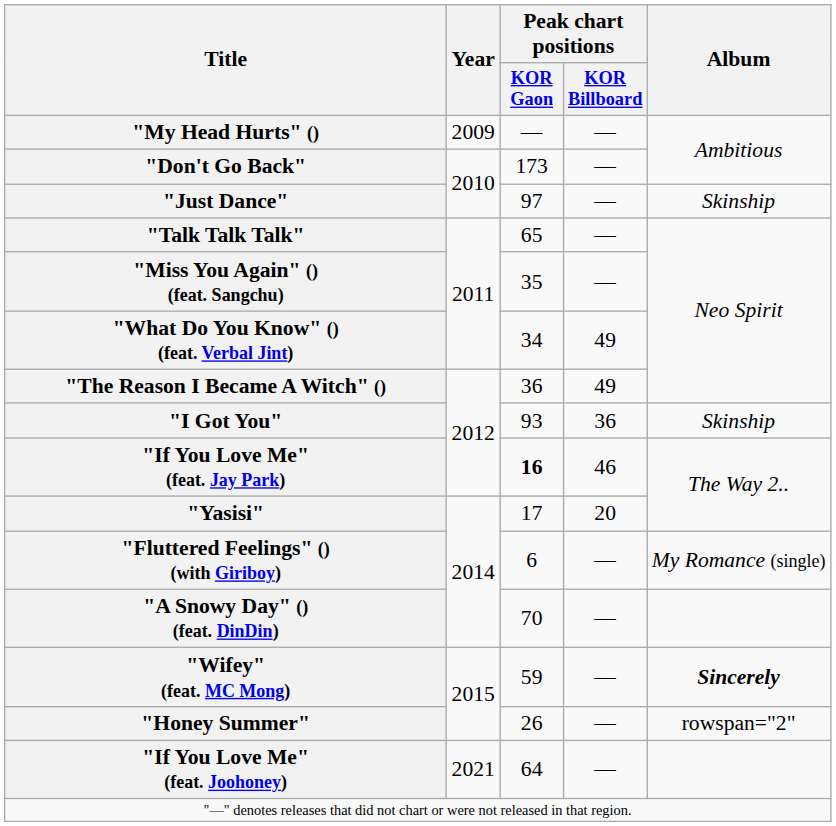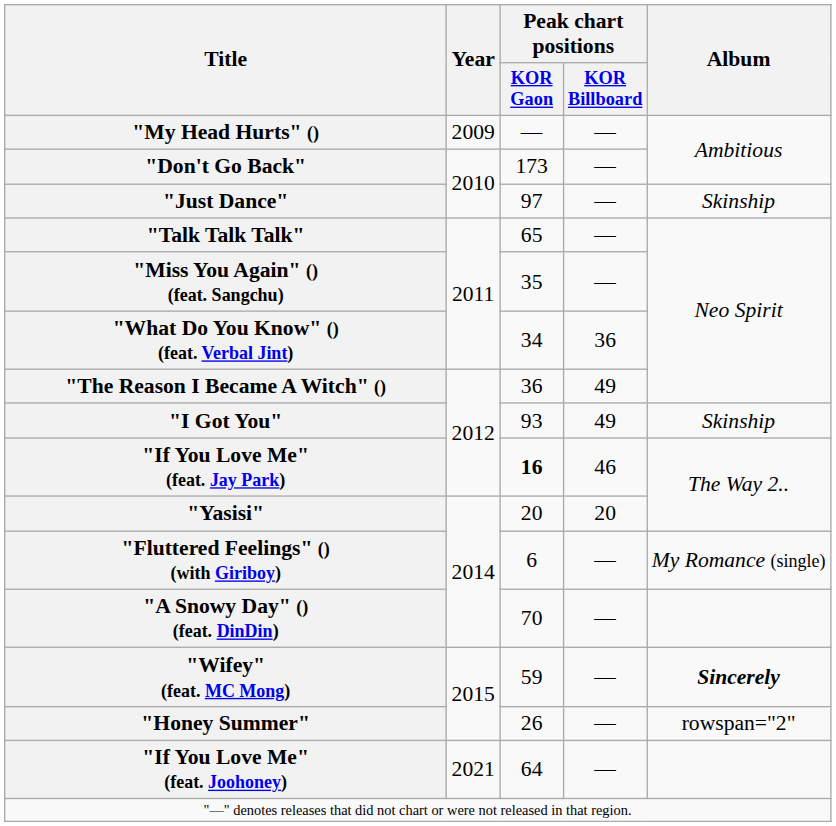 <table class="wikitable plainrowheaders" style="text-align:center;">
 <tr>
 <th scope="col" rowspan="2" style="width:20em;">Title</th>
 <th scope="col" rowspan="2">Year</th>
 <th scope="col" colspan="2">Peak chart positions</th>
 <th scope="col" rowspan="2">Album</th>
 </tr>
 <tr>
 <th scope="col" style="width:3em;font-size:85%;"><a href='#'>KOR<br>Gaon</a><br></th>
 <th scope="col" style="width:3em;font-size:85%;"><a href='#'>KOR<br>Billboard</a><br></th>
 </tr>
 <tr>
 <th scope="row">"My Head Hurts" <small>()</small></th>
 <td>2009</td>
 <td>—</td>
 <td>—</td>
 <td rowspan="2"><em>Ambitious</em></td>
 </tr>
 <tr>
 <th scope="row">"Don't Go Back"</th>
 <td rowspan="2">2010</td>
 <td>173</td>
 <td>—</td>
 </tr>
 <tr>
 <th scope="row">"Just Dance"</th>
 <td>97</td>
 <td>—</td>
 <td><em>Skinship</em></td>
 </tr>
 <tr>
 <th scope="row">"Talk Talk Talk"</th>
 <td rowspan="3">2011</td>
 <td>65</td>
 <td>—</td>
 <td rowspan="4"><em>Neo Spirit</em></td>
 </tr>
 <tr>
 <th scope="row">"Miss You Again" <small>()</small><br><small>(feat. Sangchu)</small></th>
 <td>35</td>
 <td>—</td>
 </tr>
 <tr>
 <th scope="row">"What Do You Know" <small>()</small><br><small>(feat. <a href='#'>Verbal Jint</a>)</small></th>
 <td>34</td>
-<td>49</td>
+<td>36</td>
 </tr>
 <tr>
 <th scope="row">"The Reason I Became A Witch" <small>()</small></th>
 <td rowspan="3">2012</td>
 <td>36</td>
 <td>49</td>
 </tr>
 <tr>
 <th scope="row">"I Got You"</th>
 <td>93</td>
-<td>36</td>
+<td>49</td>
 <td><em>Skinship</em></td>
 </tr>
 <tr>
 <th scope="row">"If You Love Me"<br><small>(feat. <a href='#'>Jay Park</a>)</small></th>
 <td><strong>16</strong></td>
 <td>46</td>
 <td rowspan="2"><em>The Way 2..</em></td>
 </tr>
 <tr>
 <th scope="row">"Yasisi"</th>
 <td rowspan="3">2014</td>
-<td>17</td>
+<td>20</td>
 <td>20</td>
 </tr>
 <tr>
 <th scope="row">"Fluttered Feelings" <small>()</small><br><small>(with <a href='#'>Giriboy</a>)</small></th>
 <td>6</td>
 <td>—</td>
 <td><em>My Romance</em> <small>(single)</small></td>
 </tr>
 <tr>
 <th scope="row">"A Snowy Day" <small>()</small><br><small>(feat. <a href='#'>DinDin</a>)</small></th>
 <td>70</td>
 <td>—</td>
 <td></td>
 </tr>
 <tr>
 <th scope="row">"Wifey"<br><small>(feat. <a href='#'>MC Mong</a>)</small></th>
 <td rowspan="2">2015</td>
 <td>59</td>
 <td>—</td>
 <td><strong><em>Sincerely</em></strong></td>
 </tr>
 <tr>
 <th scope="row">"Honey Summer"<br></th>
 <td>26</td>
 <td>—</td>
 <td>rowspan="2" </td>
 </tr>
 <tr>
 <th scope="row">"If You Love Me"<br><small>(feat. <a href='#'>Joohoney</a>)</small></th>
 <td>2021</td>
 <td>64</td>
 <td>—</td>
 </tr>
 <tr>
 <td colspan="5" style="font-size:8pt;">"—" denotes releases that did not chart or were not released in that region.</td>
 </tr>
 </table>
